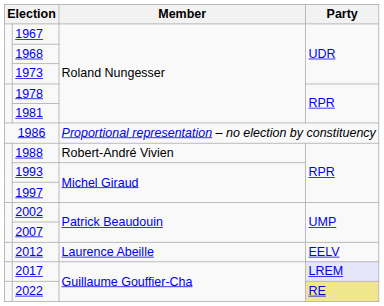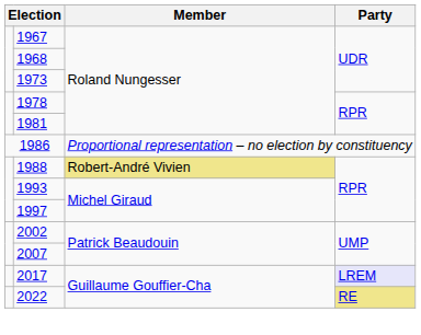 <table class="wikitable">
 <tr>
 <th colspan="2">Election</th>
 <th>Member</th>
 <th>Party</th>
 </tr>
 <tr>
 <td rowspan="3" style="color:inherit;background-color: "></td>
 <td><a href='#'>1967</a></td>
 <td rowspan="5">Roland Nungesser</td>
 <td rowspan="3"><a href='#'>UDR</a></td>
 </tr>
 <tr>
 <td><a href='#'>1968</a></td>
 </tr>
 <tr>
 <td><a href='#'>1973</a></td>
 </tr>
 <tr>
 <td rowspan="2" style="color:inherit;background-color: "></td>
 <td><a href='#'>1978</a></td>
 <td rowspan="2"><a href='#'>RPR</a></td>
 </tr>
 <tr>
 <td><a href='#'>1981</a></td>
 </tr>
 <tr>
 <td colspan="2" align="center"><a href='#'>1986</a></td>
 <td colspan="2"><em><a href='#'>Proportional representation</a> – no election by constituency</em></td>
 </tr>
 <tr>
 <td rowspan="3" style="color:inherit;background-color: "></td>
 <td><a href='#'>1988</a></td>
-<td>Robert-André Vivien</td>
+<td style="background: khaki;">Robert-André Vivien</td>
 <td rowspan="3"><a href='#'>RPR</a></td>
 </tr>
 <tr>
 <td><a href='#'>1993</a></td>
 <td rowspan="2"><a href='#'>Michel Giraud</a></td>
 </tr>
 <tr>
 <td><a href='#'>1997</a></td>
 </tr>
 <tr>
 <td rowspan="2" style="color:inherit;background-color: "></td>
 <td><a href='#'>2002</a></td>
 <td rowspan="2"><a href='#'>Patrick Beaudouin</a></td>
 <td rowspan="2"><a href='#'>UMP</a></td>
 </tr>
 <tr>
 <td><a href='#'>2007</a></td>
 </tr>
 <tr>
 <td style="color:inherit;background-color: "></td>
-<td><a href='#'>2012</a></td>
-<td><a href='#'>Laurence Abeille</a></td>
-<td><a href='#'>EELV</a></td>
-</tr>
-<tr>
-<td style="color:inherit;background-color: "></td>
 <td><a href='#'>2017</a></td>
 <td rowspan="2"><a href='#'>Guillaume Gouffier-Cha</a></td>
 <td style="background: lavender;"><a href='#'>LREM</a></td>
 </tr>
 <tr>
 <td style="color:inherit;background-color: "></td>
 <td><a href='#'>2022</a></td>
 <td style="background: khaki;"><a href='#'>RE</a></td>
 </tr>
 </table>
